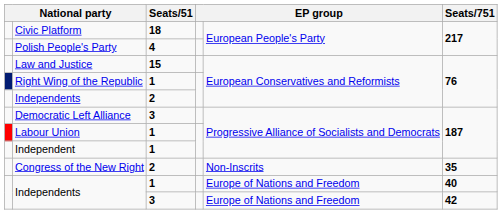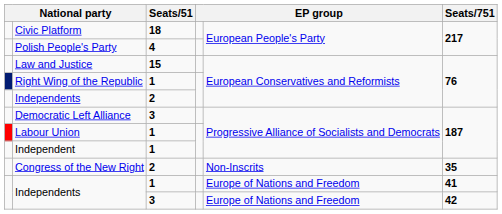 <table class="wikitable" style="font-size:90%;">
 <tr>
 <th colspan="2">National party</th>
 <th>Seats/51</th>
 <th colspan="2">EP group</th>
 <th>Seats/751</th>
 </tr>
 <tr>
 <td width="1" style="background-color: "></td>
 <td><a href='#'>Civic Platform</a></td>
 <td><strong>18</strong></td>
 <td width="1"> </td>
 <td rowspan="2"><a href='#'>European People's Party</a></td>
 <td rowspan="2"><strong>217</strong></td>
 </tr>
 <tr>
 <td width="1" style="background-color: "></td>
 <td><a href='#'>Polish People's Party</a></td>
 <td><strong>4</strong></td>
 </tr>
 <tr>
 <td width="1" style="background-color: "></td>
 <td><a href='#'>Law and Justice</a></td>
 <td><strong>15</strong></td>
 <td width="1"> </td>
 <td rowspan="3"><a href='#'>European Conservatives and Reformists</a></td>
 <td rowspan="3"><strong>76</strong></td>
 </tr>
 <tr>
 <td width="1" style="background-color: #021C72"></td>
 <td><a href='#'>Right Wing of the Republic</a></td>
 <td><strong>1</strong></td>
 </tr>
 <tr>
 <td width="1" style="background-color: "></td>
 <td><a href='#'>Independents</a></td>
 <td><strong>2</strong></td>
 </tr>
 <tr>
 <td width="1" style="background-color: "></td>
 <td><a href='#'>Democratic Left Alliance</a></td>
 <td><strong>3</strong></td>
 <td width="1"> </td>
 <td rowspan="3"><a href='#'>Progressive Alliance of Socialists and Democrats</a></td>
 <td rowspan="3"><strong>187</strong></td>
 </tr>
 <tr>
 <td style="width:1px; background:#f00;"></td>
 <td><a href='#'>Labour Union</a></td>
 <td><strong>1</strong></td>
 </tr>
 <tr>
 <td width="1" style="background-color: "></td>
 <td>Independent</td>
 <td><strong>1</strong></td>
 </tr>
 <tr>
 <td width="1"> </td>
 <td><a href='#'>Congress of the New Right</a></td>
 <td><strong>2</strong></td>
 <td width="1"> </td>
 <td><a href='#'>Non-Inscrits</a></td>
 <td><strong>35</strong></td>
 </tr>
 <tr>
 <td rowspan="2" width="1" style="background-color: "></td>
 <td rowspan="2">Independents</td>
 <td><strong>1</strong></td>
 <td width="1"> </td>
 <td><a href='#'>Europe of Nations and Freedom</a></td>
-<td><strong>40</strong></td>
+<td><strong>41</strong></td>
 </tr>
 <tr>
 <td><strong>3</strong></td>
 <td width="1" style="background-color: "></td>
 <td><a href='#'>Europe of Nations and Freedom</a></td>
 <td><strong>42</strong></td>
 </tr>
 </table>
